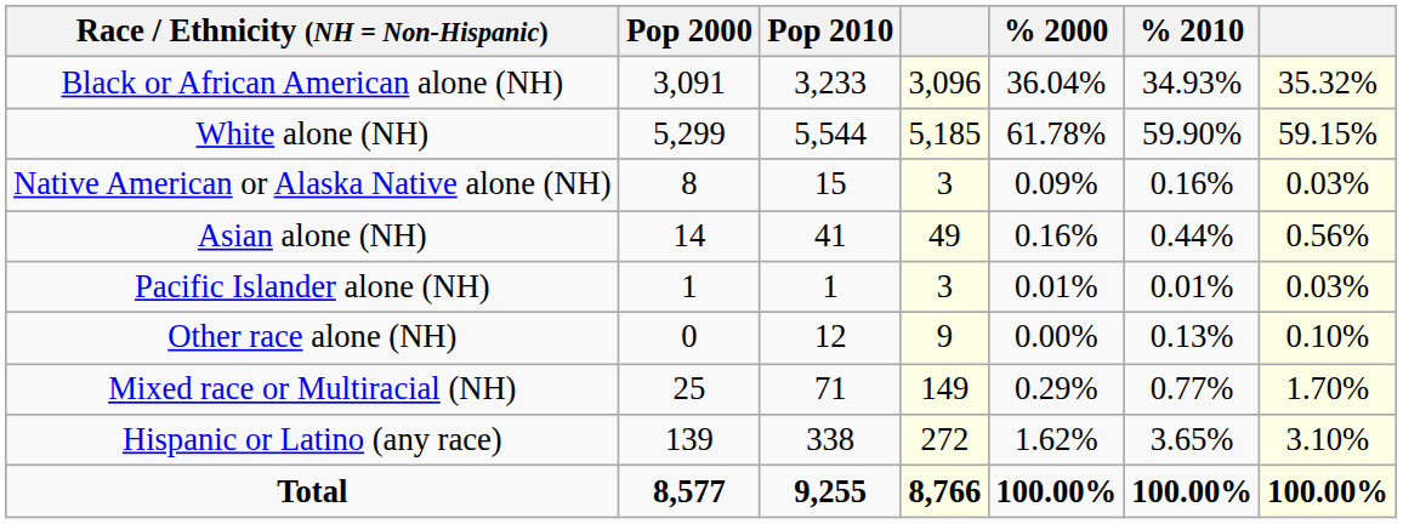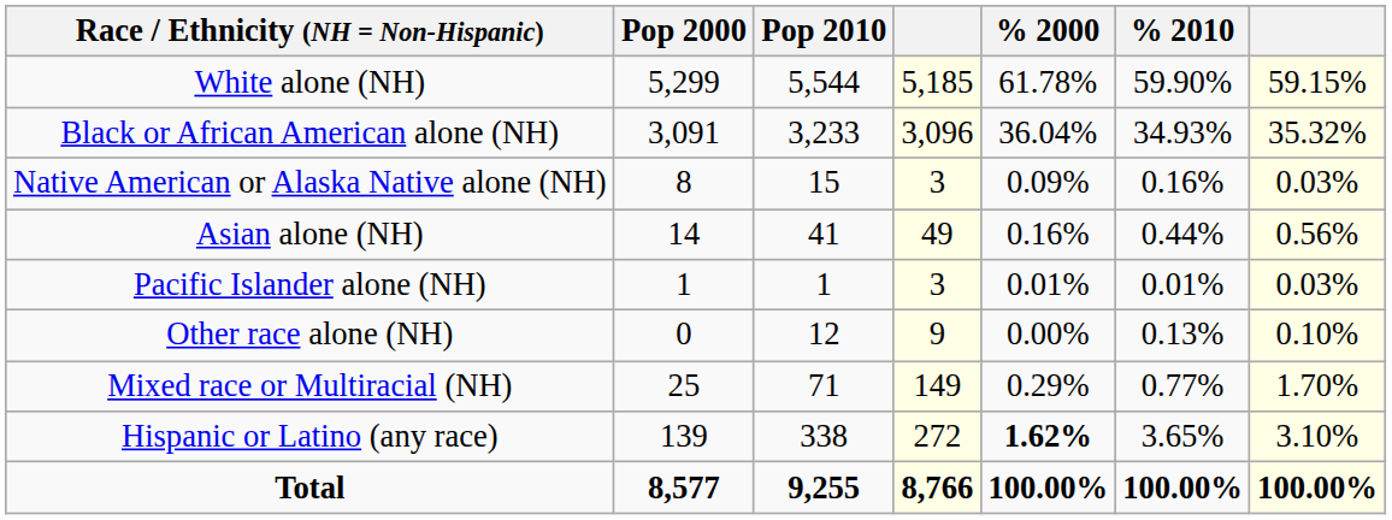 <table class="wikitable" style="text-align:center;">
 <tr>
 <th>Race / Ethnicity <small>(<em>NH = Non-Hispanic</em>)</small></th>
 <th>Pop 2000</th>
 <th>Pop 2010</th>
 <th></th>
 <th>% 2000</th>
 <th>% 2010</th>
 <th></th>
 </tr>
 <tr>
+<td><a href='#'>White</a> alone (NH)</td>
+<td>5,299</td>
+<td>5,544</td>
+<td style='background: #ffffe6;'>5,185</td>
+<td>61.78%</td>
+<td>59.90%</td>
+<td style='background: #ffffe6;'>59.15%</td>
+</tr>
+<tr>
 <td><a href='#'>Black or African American</a> alone (NH)</td>
 <td>3,091</td>
 <td>3,233</td>
 <td style='background: #ffffe6;'>3,096</td>
 <td>36.04%</td>
 <td>34.93%</td>
 <td style='background: #ffffe6;'>35.32%</td>
-</tr>
-<tr>
-<td><a href='#'>White</a> alone (NH)</td>
-<td>5,299</td>
-<td>5,544</td>
-<td style='background: #ffffe6;'>5,185</td>
-<td>61.78%</td>
-<td>59.90%</td>
-<td style='background: #ffffe6;'>59.15%</td>
 </tr>
 <tr>
 <td><a href='#'>Native American</a> or <a href='#'>Alaska Native</a> alone (NH)</td>
 <td>8</td>
 <td>15</td>
 <td style='background: #ffffe6;'>3</td>
 <td>0.09%</td>
 <td>0.16%</td>
 <td style='background: #ffffe6;'>0.03%</td>
 </tr>
 <tr>
 <td><a href='#'>Asian</a> alone (NH)</td>
 <td>14</td>
 <td>41</td>
 <td style='background: #ffffe6;'>49</td>
 <td>0.16%</td>
 <td>0.44%</td>
 <td style='background: #ffffe6;'>0.56%</td>
 </tr>
 <tr>
 <td><a href='#'>Pacific Islander</a> alone (NH)</td>
 <td>1</td>
 <td>1</td>
 <td style='background: #ffffe6;'>3</td>
 <td>0.01%</td>
 <td>0.01%</td>
 <td style='background: #ffffe6;'>0.03%</td>
 </tr>
 <tr>
 <td><a href='#'>Other race</a> alone (NH)</td>
 <td>0</td>
 <td>12</td>
 <td style='background: #ffffe6;'>9</td>
 <td>0.00%</td>
 <td>0.13%</td>
 <td style='background: #ffffe6;'>0.10%</td>
 </tr>
 <tr>
 <td><a href='#'>Mixed race or Multiracial</a> (NH)</td>
 <td>25</td>
 <td>71</td>
 <td style='background: #ffffe6;'>149</td>
 <td>0.29%</td>
 <td>0.77%</td>
 <td style='background: #ffffe6;'>1.70%</td>
 </tr>
 <tr>
 <td><a href='#'>Hispanic or Latino</a> (any race)</td>
 <td>139</td>
 <td>338</td>
 <td style='background: #ffffe6;'>272</td>
-<td>1.62%</td>
+<td><strong>1.62%</strong></td>
 <td>3.65%</td>
 <td style='background: #ffffe6;'>3.10%</td>
 </tr>
 <tr>
 <td><strong>Total</strong></td>
 <td><strong>8,577</strong></td>
 <td><strong>9,255</strong></td>
 <td style='background: #ffffe6;'><strong>8,766</strong></td>
 <td><strong>100.00%</strong></td>
 <td><strong>100.00%</strong></td>
 <td style='background: #ffffe6;'><strong>100.00%</strong></td>
 </tr>
 </table>
